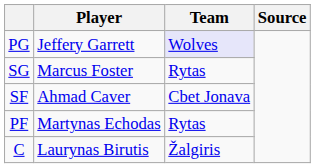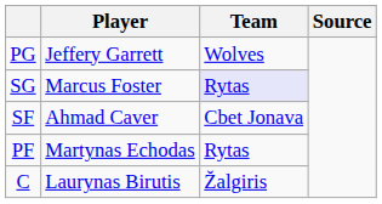 <table class="wikitable" style="text-align: center">
 <tr>
 <th align="center"></th>
 <th align="center">Player</th>
 <th align="center">Team</th>
 <th align="center">Source</th>
 </tr>
 <tr>
 <td><a href='#'>PG</a></td>
 <td align=left> <a href='#'>Jeffery Garrett</a></td>
-<td align=left style="background: lavender;"><a href='#'>Wolves</a></td>
+<td align=left><a href='#'>Wolves</a></td>
 <td rowspan=5 style="text-align:center"></td>
 </tr>
 <tr>
 <td><a href='#'>SG</a></td>
 <td align=left> <a href='#'>Marcus Foster</a></td>
-<td align=left><a href='#'>Rytas</a></td>
+<td align=left style="background: lavender;"><a href='#'>Rytas</a></td>
 </tr>
 <tr>
 <td><a href='#'>SF</a></td>
 <td align=left> <a href='#'>Ahmad Caver</a></td>
 <td align=left><a href='#'>Cbet Jonava</a></td>
 </tr>
 <tr>
 <td><a href='#'>PF</a></td>
 <td align=left> <a href='#'>Martynas Echodas</a></td>
 <td align=left><a href='#'>Rytas</a></td>
 </tr>
 <tr>
 <td><a href='#'>C</a></td>
 <td align=left> <a href='#'>Laurynas Birutis</a></td>
 <td align=left><a href='#'>Žalgiris</a></td>
 </tr>
 </table>
